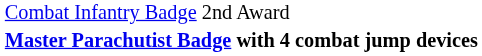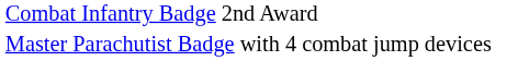 <table>
 <tr>
 <td> <a href='#'>Combat Infantry Badge</a> 2nd Award</td>
 </tr>
 <tr>
-<td><strong> <a href='#'>Master Parachutist Badge</a> with 4 combat jump devices</strong></td>
+<td> <a href='#'>Master Parachutist Badge</a> with 4 combat jump devices</td>
 </tr>
 </table>
